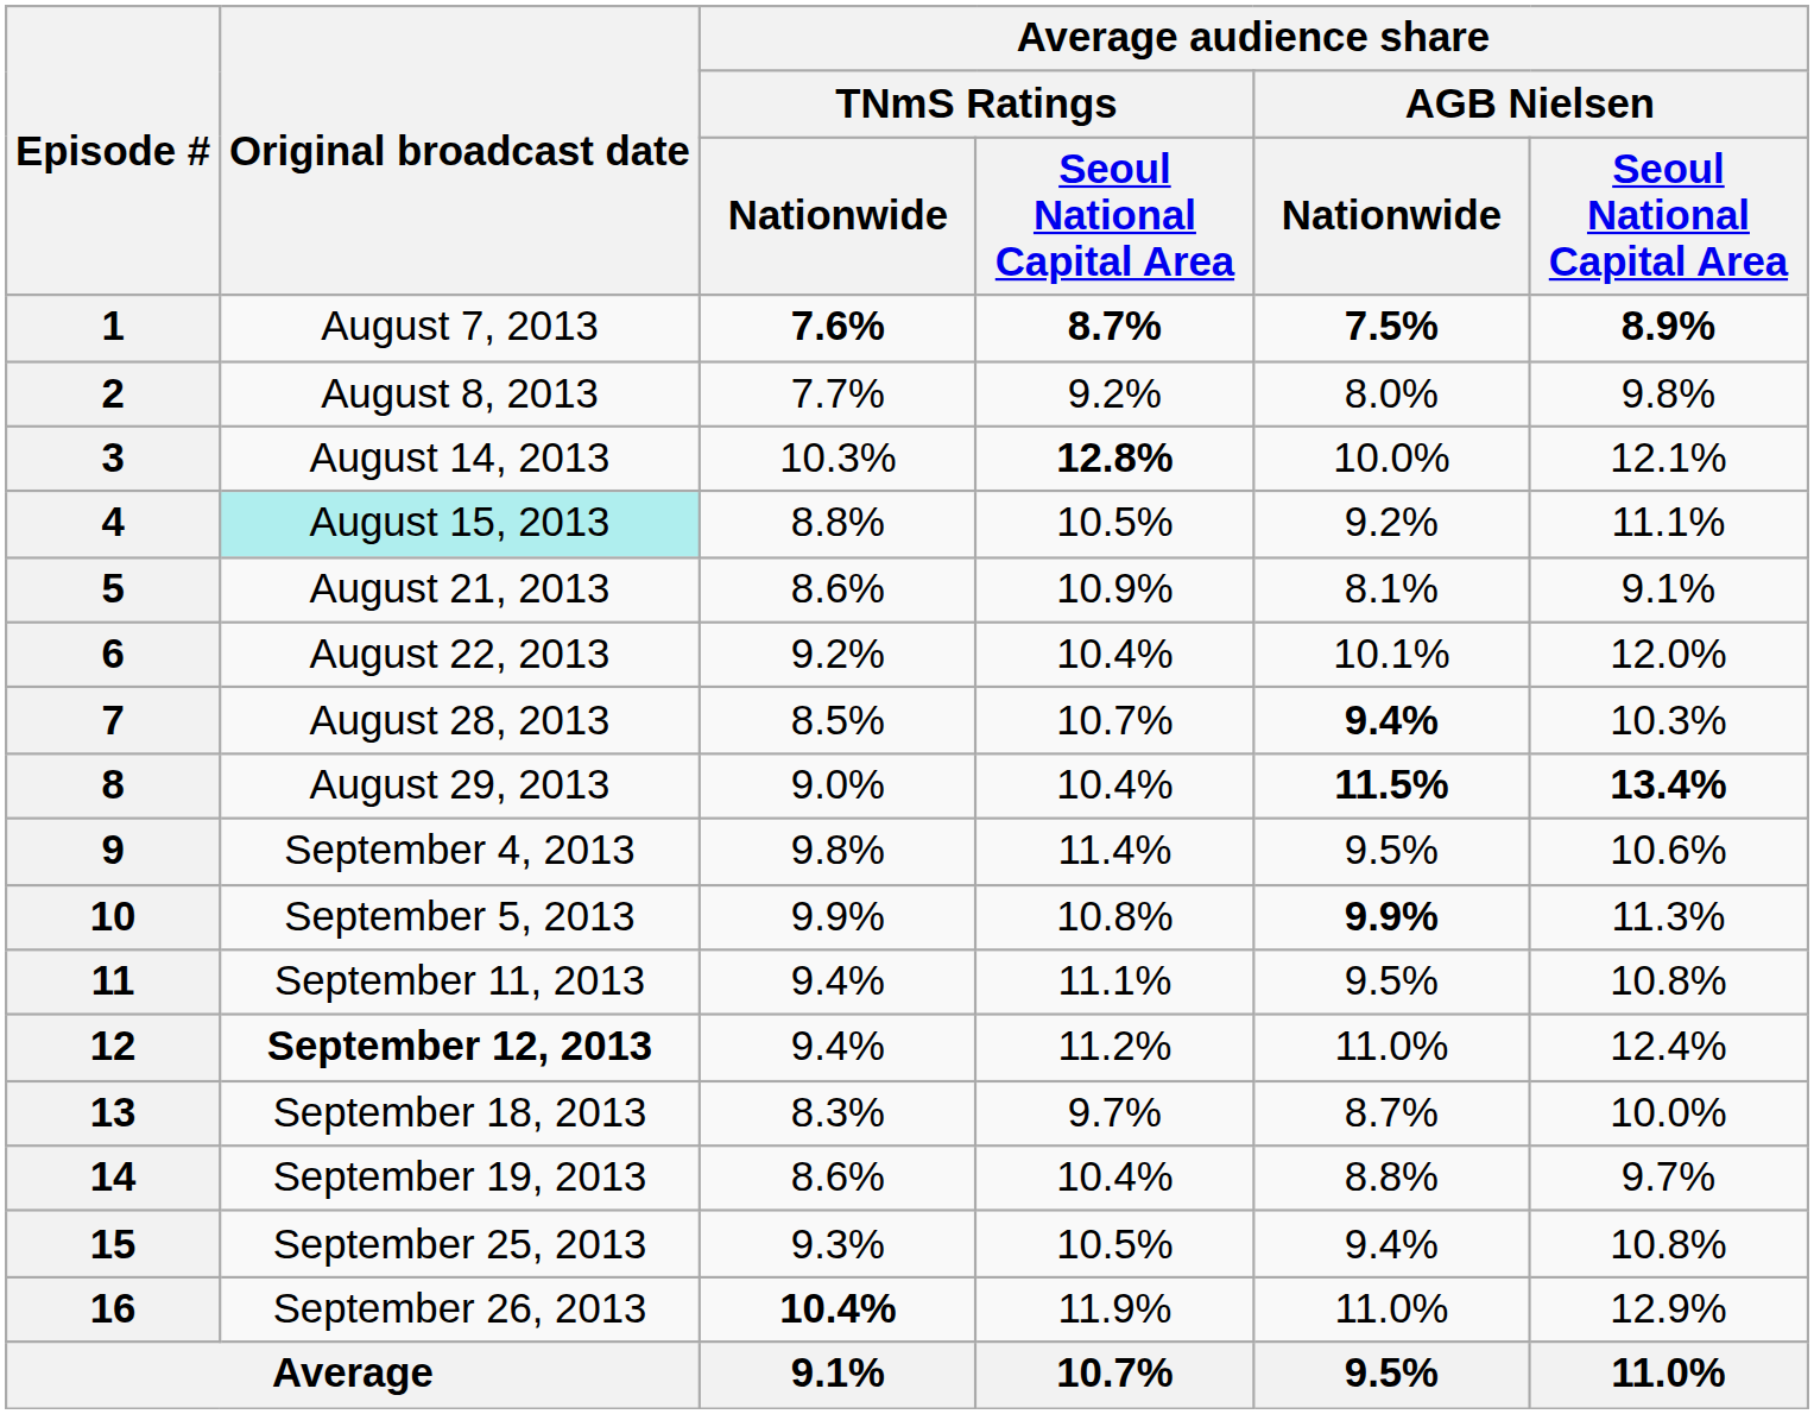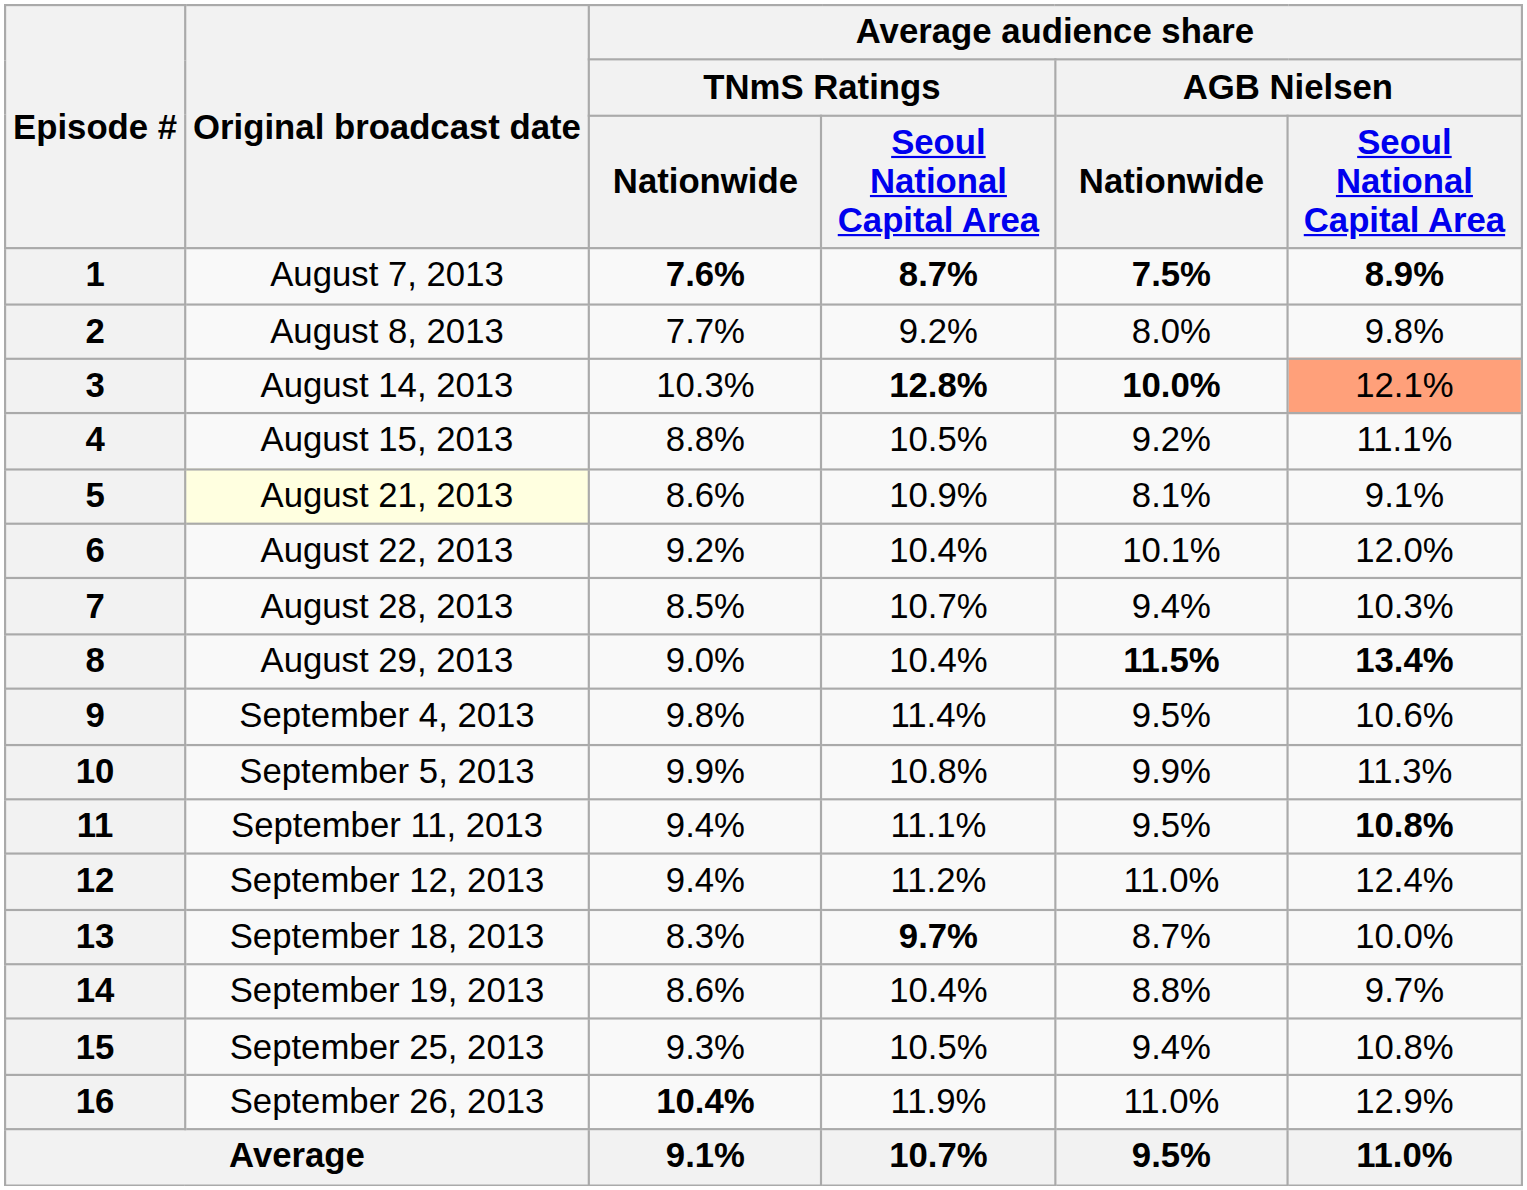 <table class=wikitable style="text-align:center">
 <tr>
 <th rowspan="3">Episode #</th>
 <th rowspan="3">Original broadcast date</th>
 <th colspan="4">Average audience share</th>
 </tr>
 <tr>
 <th colspan="2">TNmS Ratings</th>
 <th colspan="2">AGB Nielsen</th>
 </tr>
 <tr>
 <th width=100>Nationwide</th>
 <th width=100><a href='#'>Seoul National Capital Area</a></th>
 <th width=100>Nationwide</th>
 <th width=100><a href='#'>Seoul National Capital Area</a></th>
 </tr>
 <tr>
 <th>1</th>
 <td>August 7, 2013</td>
 <td><span><strong>7.6%</strong></span></td>
 <td><span><strong>8.7%</strong></span></td>
 <td><span><strong>7.5%</strong></span></td>
 <td><span><strong>8.9%</strong></span></td>
 </tr>
 <tr>
 <th>2</th>
 <td>August 8, 2013</td>
 <td>7.7%</td>
 <td>9.2%</td>
 <td>8.0%</td>
 <td>9.8%</td>
 </tr>
 <tr>
 <th>3</th>
 <td>August 14, 2013</td>
 <td>10.3%</td>
 <td><span><strong>12.8%</strong></span></td>
-<td>10.0%</td>
-<td>12.1%</td>
+<td><strong>10.0%</strong></td>
+<td style="background: lightsalmon;">12.1%</td>
 </tr>
 <tr>
 <th>4</th>
-<td style="background: paleturquoise;">August 15, 2013</td>
+<td>August 15, 2013</td>
 <td>8.8%</td>
 <td>10.5%</td>
 <td>9.2%</td>
 <td>11.1%</td>
 </tr>
 <tr>
 <th>5</th>
-<td>August 21, 2013</td>
+<td style="background: lightyellow;">August 21, 2013</td>
 <td>8.6%</td>
 <td>10.9%</td>
 <td>8.1%</td>
 <td>9.1%</td>
 </tr>
 <tr>
 <th>6</th>
 <td>August 22, 2013</td>
 <td>9.2%</td>
 <td>10.4%</td>
 <td>10.1%</td>
 <td>12.0%</td>
 </tr>
 <tr>
 <th>7</th>
 <td>August 28, 2013</td>
 <td>8.5%</td>
 <td>10.7%</td>
-<td><strong>9.4%</strong></td>
+<td>9.4%</td>
 <td>10.3%</td>
 </tr>
 <tr>
 <th>8</th>
 <td>August 29, 2013</td>
 <td>9.0%</td>
 <td>10.4%</td>
 <td><span><strong>11.5%</strong></span></td>
 <td><span><strong>13.4%</strong></span></td>
 </tr>
 <tr>
 <th>9</th>
 <td>September 4, 2013</td>
 <td>9.8%</td>
 <td>11.4%</td>
 <td>9.5%</td>
 <td>10.6%</td>
 </tr>
 <tr>
 <th>10</th>
 <td>September 5, 2013</td>
 <td>9.9%</td>
 <td>10.8%</td>
-<td><strong>9.9%</strong></td>
+<td>9.9%</td>
 <td>11.3%</td>
 </tr>
 <tr>
 <th>11</th>
 <td>September 11, 2013</td>
 <td>9.4%</td>
 <td>11.1%</td>
 <td>9.5%</td>
-<td>10.8%</td>
+<td><strong>10.8%</strong></td>
 </tr>
 <tr>
 <th>12</th>
-<td><strong>September 12, 2013</strong></td>
+<td>September 12, 2013</td>
 <td>9.4%</td>
 <td>11.2%</td>
 <td>11.0%</td>
 <td>12.4%</td>
 </tr>
 <tr>
 <th>13</th>
 <td>September 18, 2013</td>
 <td>8.3%</td>
-<td>9.7%</td>
+<td><strong>9.7%</strong></td>
 <td>8.7%</td>
 <td>10.0%</td>
 </tr>
 <tr>
 <th>14</th>
 <td>September 19, 2013</td>
 <td>8.6%</td>
 <td>10.4%</td>
 <td>8.8%</td>
 <td>9.7%</td>
 </tr>
 <tr>
 <th>15</th>
 <td>September 25, 2013</td>
 <td>9.3%</td>
 <td>10.5%</td>
 <td>9.4%</td>
 <td>10.8%</td>
 </tr>
 <tr>
 <th>16</th>
 <td>September 26, 2013</td>
 <td><span><strong>10.4%</strong></span></td>
 <td>11.9%</td>
 <td>11.0%</td>
 <td>12.9%</td>
 </tr>
 <tr>
 <th colspan=2>Average</th>
 <th>9.1%</th>
 <th>10.7%</th>
 <th>9.5%</th>
 <th>11.0%</th>
 </tr>
 </table>
